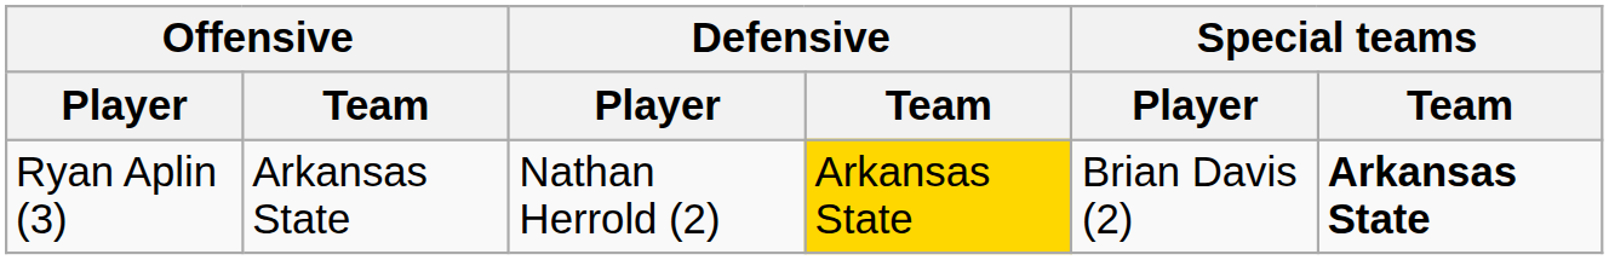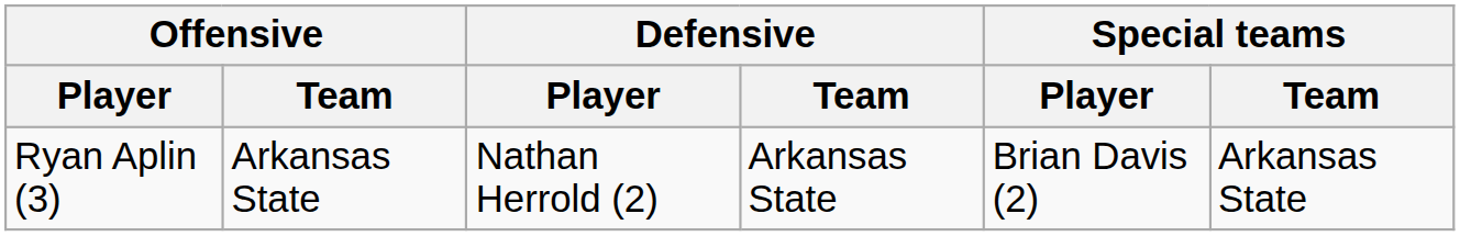 <table class="wikitable">
 <tr>
 <th colspan="2">Offensive</th>
 <th colspan="2">Defensive</th>
 <th colspan="2">Special teams</th>
 </tr>
 <tr>
 <th>Player</th>
 <th>Team</th>
 <th>Player</th>
 <th>Team</th>
 <th>Player</th>
 <th>Team</th>
 </tr>
 <tr>
 <td>Ryan Aplin (3)</td>
 <td>Arkansas State</td>
 <td>Nathan Herrold (2)</td>
-<td style="background: gold;">Arkansas State</td>
+<td>Arkansas State</td>
 <td>Brian Davis (2)</td>
-<td><strong>Arkansas State</strong></td>
+<td>Arkansas State</td>
 </tr>
 </table>
